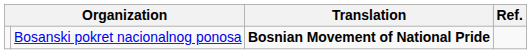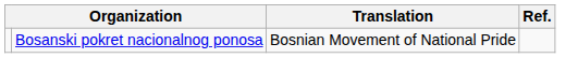 <table class="wikitable">
 <tr>
 <th colspan="2">Organization</th>
 <th>Translation</th>
 <th>Ref.</th>
 </tr>
 <tr>
 <td></td>
 <td><a href='#'>Bosanski pokret nacionalnog ponosa</a></td>
-<td><strong>Bosnian Movement of National Pride</strong></td>
+<td>Bosnian Movement of National Pride</td>
 <td></td>
 </tr>
 </table>
